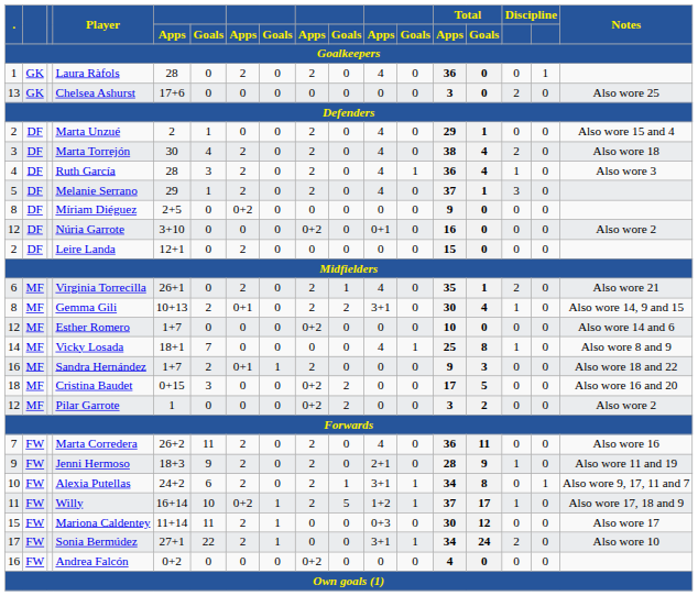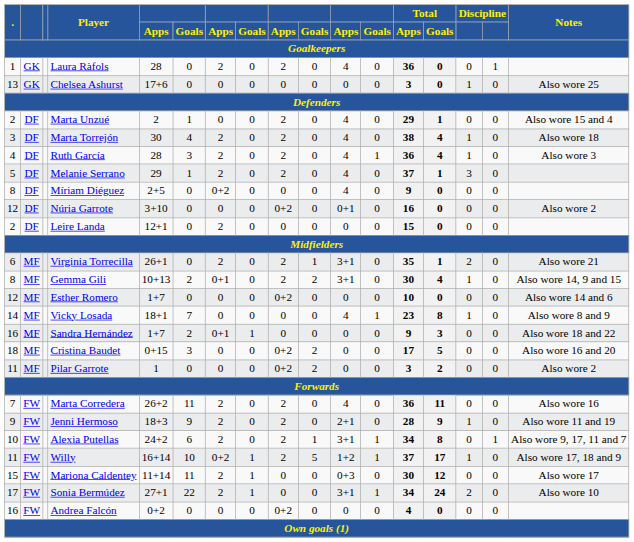 <table class="wikitable sortable alternance" style="text-align:center">
 <tr>
 <th rowspan="2" style="background:#26559B; color:#FFF000; ">.</th>
 <th rowspan="2" style="background:#26559B; color:#FFF000; "></th>
 <th rowspan="2" style="background:#26559B; color:#FFF000; "></th>
 <th rowspan="2" style="background:#26559B; color:#FFF000; ">Player</th>
 <th colspan="2" style="background:#26559B; color:#FFF000; "></th>
 <th colspan="2" style="background:#26559B; color:#FFF000; "></th>
 <th colspan="2" style="background:#26559B; color:#FFF000; "></th>
 <th colspan="2" style="background:#26559B; color:#FFF000; "></th>
 <th colspan="2" style="background:#26559B; color:#FFF000; ">Total</th>
 <th colspan="2" style="background:#26559B; color:#FFF000; ">Discipline</th>
 <th rowspan="2" style="background:#26559B; color:#FFF000; ">Notes</th>
 </tr>
 <tr>
 <th style="background:#26559B; color:#FFF000; ">Apps</th>
 <th style="background:#26559B; color:#FFF000; ">Goals</th>
 <th style="background:#26559B; color:#FFF000; ">Apps</th>
 <th style="background:#26559B; color:#FFF000; ">Goals</th>
 <th style="background:#26559B; color:#FFF000; ">Apps</th>
 <th style="background:#26559B; color:#FFF000; ">Goals</th>
 <th style="background:#26559B; color:#FFF000; ">Apps</th>
 <th style="background:#26559B; color:#FFF000; ">Goals</th>
 <th style="background:#26559B; color:#FFF000; ">Apps</th>
 <th style="background:#26559B; color:#FFF000; ">Goals</th>
 <th style="background:#26559B; color:#FFF000; "></th>
 <th style="background:#26559B; color:#FFF000; "></th>
 </tr>
 <tr>
 <th colspan="17" style="background:#26559B; color:#FFF000; "><em>Goalkeepers</em></th>
 </tr>
 <tr>
 <td>1</td>
 <td><a href='#'>GK</a></td>
 <td></td>
 <td align="left"><a href='#'>Laura Ràfols</a></td>
 <td>28</td>
 <td>0</td>
 <td>2</td>
 <td>0</td>
 <td>2</td>
 <td>0</td>
 <td>4</td>
 <td>0</td>
 <th>36</th>
 <th><strong>0</strong></th>
 <td>0</td>
 <td>1</td>
 <td></td>
 </tr>
 <tr colspan="9" style="background:#eaecee">
 <td>13</td>
 <td><a href='#'>GK</a></td>
 <td></td>
 <td align="left"><a href='#'>Chelsea Ashurst</a></td>
 <td>17+6</td>
 <td>0</td>
 <td>0</td>
 <td>0</td>
 <td>0</td>
 <td>0</td>
 <td>0</td>
 <td>0</td>
 <th>3</th>
 <th><strong>0</strong></th>
-<td>2</td>
+<td>1</td>
 <td>0</td>
 <td>Also wore 25</td>
 </tr>
 <tr>
 <th colspan="17" style="background:#26559B; color:#FFF000; "><em>Defenders</em></th>
 </tr>
 <tr>
 <td>2</td>
 <td><a href='#'>DF</a></td>
 <td></td>
 <td align="left"><a href='#'>Marta Unzué</a></td>
 <td>2</td>
 <td>1</td>
 <td>0</td>
 <td>0</td>
 <td>2</td>
 <td>0</td>
 <td>4</td>
 <td>0</td>
 <th>29</th>
 <th>1</th>
 <td>0</td>
 <td>0</td>
 <td>Also wore 15 and 4</td>
 </tr>
 <tr style="background:#eaecee" colspan="9">
 <td>3</td>
 <td><a href='#'>DF</a></td>
 <td></td>
 <td align="left"><a href='#'>Marta Torrejón</a></td>
 <td>30</td>
 <td>4</td>
 <td>2</td>
 <td>0</td>
 <td>2</td>
 <td>0</td>
 <td>4</td>
 <td>0</td>
 <th>38</th>
 <th>4</th>
-<td>2</td>
+<td>1</td>
 <td>0</td>
 <td>Also wore 18</td>
 </tr>
 <tr>
 <td>4</td>
 <td><a href='#'>DF</a></td>
 <td></td>
 <td align="left"><a href='#'>Ruth García</a></td>
 <td>28</td>
 <td>3</td>
 <td>2</td>
 <td>0</td>
 <td>2</td>
 <td>0</td>
 <td>4</td>
 <td>1</td>
 <th>36</th>
 <th>4</th>
 <td>1</td>
 <td>0</td>
 <td>Also wore 3</td>
 </tr>
 <tr style="background:#eaecee" colspan="9">
 <td>5</td>
 <td><a href='#'>DF</a></td>
 <td></td>
 <td align="left"><a href='#'>Melanie Serrano</a></td>
 <td>29</td>
 <td>1</td>
 <td>2</td>
 <td>0</td>
 <td>2</td>
 <td>0</td>
 <td>4</td>
 <td>0</td>
 <th>37</th>
 <th>1</th>
 <td>3</td>
 <td>0</td>
 <td></td>
 </tr>
 <tr>
 <td>8</td>
 <td><a href='#'>DF</a></td>
 <td></td>
 <td align="left"><a href='#'>Míriam Diéguez</a></td>
 <td>2+5</td>
 <td>0</td>
 <td>0+2</td>
 <td>0</td>
 <td>0</td>
 <td>0</td>
-<td>0</td>
+<td>4</td>
 <td>0</td>
 <th>9</th>
 <th><strong>0</strong></th>
 <td>0</td>
 <td>0</td>
 <td></td>
 </tr>
 <tr style="background:#eaecee" colspan="9">
 <td>12</td>
 <td><a href='#'>DF</a></td>
 <td></td>
 <td align="left"><a href='#'>Núria Garrote</a></td>
 <td>3+10</td>
 <td>0</td>
 <td>0</td>
 <td>0</td>
 <td>0+2</td>
 <td>0</td>
 <td>0+1</td>
 <td>0</td>
 <th>16</th>
 <th><strong>0</strong></th>
 <td>0</td>
 <td>0</td>
 <td>Also wore 2</td>
 </tr>
 <tr>
 <td>2</td>
 <td><a href='#'>DF</a></td>
 <td></td>
 <td align="left"><a href='#'>Leire Landa</a></td>
 <td>12+1</td>
 <td>0</td>
 <td>2</td>
 <td>0</td>
 <td>0</td>
 <td>0</td>
 <td>0</td>
 <td>0</td>
 <th>15</th>
 <th><strong>0</strong></th>
 <td>0</td>
 <td>0</td>
 <td></td>
 </tr>
 <tr>
 <th colspan="17" style="background:#26559B; color:#FFF000; "><em>Midfielders</em></th>
 </tr>
 <tr style="background:#eaecee" colspan="9">
 <td>6</td>
 <td><a href='#'>MF</a></td>
 <td></td>
 <td align="left"><a href='#'>Virginia Torrecilla</a></td>
 <td>26+1</td>
 <td>0</td>
 <td>2</td>
 <td>0</td>
 <td>2</td>
 <td>1</td>
-<td>4</td>
+<td>3+1</td>
 <td>0</td>
 <th>35</th>
 <th>1</th>
 <td>2</td>
 <td>0</td>
 <td>Also wore 21</td>
 </tr>
 <tr>
 <td>8</td>
 <td><a href='#'>MF</a></td>
 <td></td>
 <td align="left"><a href='#'>Gemma Gili</a></td>
 <td>10+13</td>
 <td>2</td>
 <td>0+1</td>
 <td>0</td>
 <td>2</td>
 <td>2</td>
 <td>3+1</td>
 <td>0</td>
 <th>30</th>
 <th>4</th>
 <td>1</td>
 <td>0</td>
 <td>Also wore 14, 9 and 15</td>
 </tr>
 <tr style="background:#eaecee" colspan="9">
 <td>12</td>
 <td><a href='#'>MF</a></td>
 <td></td>
 <td align="left"><a href='#'>Esther Romero</a></td>
 <td>1+7</td>
 <td>0</td>
 <td>0</td>
 <td>0</td>
 <td>0+2</td>
 <td>0</td>
 <td>0</td>
 <td>0</td>
 <th>10</th>
 <th><strong>0</strong></th>
 <td>0</td>
 <td>0</td>
 <td>Also wore 14 and 6</td>
 </tr>
 <tr>
 <td>14</td>
 <td><a href='#'>MF</a></td>
 <td></td>
 <td align="left"><a href='#'>Vicky Losada</a></td>
 <td>18+1</td>
 <td>7</td>
 <td>0</td>
 <td>0</td>
 <td>0</td>
 <td>0</td>
 <td>4</td>
 <td>1</td>
-<th>25</th>
+<th>23</th>
 <th>8</th>
 <td>1</td>
 <td>0</td>
 <td>Also wore 8 and 9</td>
 </tr>
 <tr style="background:#eaecee" colspan="9">
 <td>16</td>
 <td><a href='#'>MF</a></td>
 <td></td>
 <td align="left"><a href='#'>Sandra Hernández</a></td>
 <td>1+7</td>
 <td>2</td>
 <td>0+1</td>
 <td>1</td>
-<td>2</td>
+<td>0</td>
 <td>0</td>
 <td>0</td>
 <td>0</td>
 <th>9</th>
 <th>3</th>
 <td>0</td>
 <td>0</td>
 <td>Also wore 18 and 22</td>
 </tr>
 <tr>
 <td>18</td>
 <td><a href='#'>MF</a></td>
 <td></td>
 <td align="left"><a href='#'>Cristina Baudet</a></td>
 <td>0+15</td>
 <td>3</td>
 <td>0</td>
 <td>0</td>
 <td>0+2</td>
 <td>2</td>
 <td>0</td>
 <td>0</td>
 <th>17</th>
 <th>5</th>
 <td>0</td>
 <td>0</td>
 <td>Also wore 16 and 20</td>
 </tr>
 <tr style="background:#eaecee" colspan="9">
-<td>12</td>
+<td>11</td>
 <td><a href='#'>MF</a></td>
 <td></td>
 <td align="left"><a href='#'>Pilar Garrote</a></td>
 <td>1</td>
 <td>0</td>
 <td>0</td>
 <td>0</td>
 <td>0+2</td>
 <td>2</td>
 <td>0</td>
 <td>0</td>
 <th>3</th>
 <th>2</th>
 <td>0</td>
 <td>0</td>
 <td>Also wore 2</td>
 </tr>
 <tr>
 <th colspan="17" style="background:#26559B; color:#FFF000; "><em>Forwards</em></th>
 </tr>
 <tr>
 <td>7</td>
 <td><a href='#'>FW</a></td>
 <td></td>
 <td align="left"><a href='#'>Marta Corredera</a></td>
 <td>26+2</td>
 <td>11</td>
 <td>2</td>
 <td>0</td>
 <td>2</td>
 <td>0</td>
 <td>4</td>
 <td>0</td>
 <th>36</th>
 <th>11</th>
 <td>0</td>
 <td>0</td>
 <td>Also wore 16</td>
 </tr>
 <tr style="background:#eaecee" colspan="9">
 <td>9</td>
 <td><a href='#'>FW</a></td>
 <td></td>
 <td align="left"><a href='#'>Jenni Hermoso</a></td>
 <td>18+3</td>
 <td>9</td>
 <td>2</td>
 <td>0</td>
 <td>2</td>
 <td>0</td>
 <td>2+1</td>
 <td>0</td>
 <th>28</th>
 <th>9</th>
 <td>1</td>
 <td>0</td>
 <td>Also wore 11 and 19</td>
 </tr>
 <tr>
 <td>10</td>
 <td><a href='#'>FW</a></td>
 <td></td>
 <td align="left"><a href='#'>Alexia Putellas</a></td>
 <td>24+2</td>
 <td>6</td>
 <td>2</td>
 <td>0</td>
 <td>2</td>
 <td>1</td>
 <td>3+1</td>
 <td>1</td>
 <th>34</th>
 <th>8</th>
 <td>0</td>
 <td>1</td>
 <td>Also wore 9, 17, 11 and 7</td>
 </tr>
 <tr colspan="9" style="background:#eaecee">
 <td>11</td>
 <td><a href='#'>FW</a></td>
 <td></td>
 <td align="left"><a href='#'>Willy</a></td>
 <td>16+14</td>
 <td>10</td>
 <td>0+2</td>
 <td>1</td>
 <td>2</td>
 <td>5</td>
 <td>1+2</td>
 <td>1</td>
 <th>37</th>
 <th>17</th>
 <td>1</td>
 <td>0</td>
 <td>Also wore 17, 18 and 9</td>
 </tr>
 <tr>
 <td>15</td>
 <td><a href='#'>FW</a></td>
 <td></td>
 <td align="left"><a href='#'>Mariona Caldentey</a></td>
 <td>11+14</td>
 <td>11</td>
 <td>2</td>
 <td>1</td>
 <td>0</td>
 <td>0</td>
 <td>0+3</td>
 <td>0</td>
 <th>30</th>
 <th>12</th>
 <td>0</td>
 <td>0</td>
 <td>Also wore 17</td>
 </tr>
 <tr colspan="9" style="background:#eaecee">
 <td>17</td>
 <td><a href='#'>FW</a></td>
 <td></td>
 <td align="left"><a href='#'>Sonia Bermúdez</a></td>
 <td>27+1</td>
 <td>22</td>
 <td>2</td>
 <td>1</td>
 <td>0</td>
 <td>0</td>
 <td>3+1</td>
 <td>1</td>
 <th>34</th>
 <th>24</th>
 <td>2</td>
 <td>0</td>
 <td>Also wore 10</td>
 </tr>
 <tr>
 <td>16</td>
 <td><a href='#'>FW</a></td>
 <td></td>
 <td align="left"><a href='#'>Andrea Falcón</a></td>
 <td>0+2</td>
 <td>0</td>
 <td>0</td>
 <td>0</td>
 <td>0+2</td>
 <td>0</td>
 <td>0</td>
 <td>0</td>
 <th>4</th>
 <th><strong>0</strong></th>
 <td>0</td>
 <td>0</td>
 <td></td>
 </tr>
 <tr>
 <th colspan=17 style="background:#26559B; color:#FFF000; "><em>Own goals (1)</em></th>
 </tr>
 </table>
